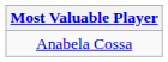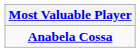 <table class=wikitable style="text-align:center; margin:auto">
 <tr>
 <th><a href='#'>Most Valuable Player</a></th>
 </tr>
 <tr>
-<td> <a href='#'>Anabela Cossa</a></td>
+<td><strong> <a href='#'>Anabela Cossa</a></strong></td>
 </tr>
 </table>
